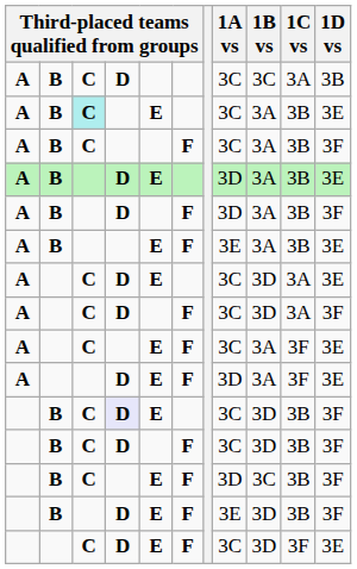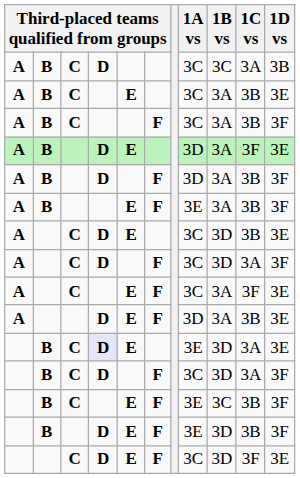 <table class="wikitable" style="text-align:center; font-size:85%">
 <tr>
 <th colspan="6">Third-placed teams<br>qualified from groups</th>
 <th rowspan="16"></th>
 <th>1A<br>vs</th>
 <th>1B<br>vs</th>
 <th>1C<br>vs</th>
 <th>1D<br>vs</th>
 </tr>
 <tr>
 <td><strong>A</strong></td>
 <td><strong>B</strong></td>
 <td><strong>C</strong></td>
 <td><strong>D</strong></td>
 <td></td>
 <td></td>
 <td>3C</td>
 <td>3C</td>
 <td>3A</td>
 <td>3B</td>
 </tr>
 <tr>
 <td><strong>A</strong></td>
 <td><strong>B</strong></td>
-<td style="background: paleturquoise;"><strong>C</strong></td>
+<td><strong>C</strong></td>
 <td></td>
 <td><strong>E</strong></td>
 <td></td>
 <td>3C</td>
 <td>3A</td>
 <td>3B</td>
 <td>3E</td>
 </tr>
 <tr>
 <td><strong>A</strong></td>
 <td><strong>B</strong></td>
 <td><strong>C</strong></td>
 <td></td>
 <td></td>
 <td><strong>F</strong></td>
 <td>3C</td>
 <td>3A</td>
 <td>3B</td>
 <td>3F</td>
 </tr>
 <tr bgcolor=#BBF3BB>
 <td><strong>A</strong></td>
 <td><strong>B</strong></td>
 <td></td>
 <td><strong>D</strong></td>
 <td><strong>E</strong></td>
 <td></td>
 <td>3D</td>
 <td>3A</td>
-<td>3B</td>
+<td>3F</td>
 <td>3E</td>
 </tr>
 <tr>
 <td><strong>A</strong></td>
 <td><strong>B</strong></td>
 <td></td>
 <td><strong>D</strong></td>
 <td></td>
 <td><strong>F</strong></td>
 <td>3D</td>
 <td>3A</td>
 <td>3B</td>
 <td>3F</td>
 </tr>
 <tr>
 <td><strong>A</strong></td>
 <td><strong>B</strong></td>
 <td></td>
 <td></td>
 <td><strong>E</strong></td>
 <td><strong>F</strong></td>
 <td>3E</td>
 <td>3A</td>
 <td>3B</td>
-<td>3E</td>
+<td>3F</td>
 </tr>
 <tr>
 <td><strong>A</strong></td>
 <td></td>
 <td><strong>C</strong></td>
 <td><strong>D</strong></td>
 <td><strong>E</strong></td>
 <td></td>
 <td>3C</td>
 <td>3D</td>
-<td>3A</td>
+<td>3B</td>
 <td>3E</td>
 </tr>
 <tr>
 <td><strong>A</strong></td>
 <td></td>
 <td><strong>C</strong></td>
 <td><strong>D</strong></td>
 <td></td>
 <td><strong>F</strong></td>
 <td>3C</td>
 <td>3D</td>
 <td>3A</td>
 <td>3F</td>
 </tr>
 <tr>
 <td><strong>A</strong></td>
 <td></td>
 <td><strong>C</strong></td>
 <td></td>
 <td><strong>E</strong></td>
 <td><strong>F</strong></td>
 <td>3C</td>
 <td>3A</td>
 <td>3F</td>
 <td>3E</td>
 </tr>
 <tr>
 <td><strong>A</strong></td>
 <td></td>
 <td></td>
 <td><strong>D</strong></td>
 <td><strong>E</strong></td>
 <td><strong>F</strong></td>
 <td>3D</td>
 <td>3A</td>
-<td>3F</td>
+<td>3B</td>
 <td>3E</td>
 </tr>
 <tr>
 <td></td>
 <td><strong>B</strong></td>
 <td><strong>C</strong></td>
 <td style="background: lavender;"><strong>D</strong></td>
 <td><strong>E</strong></td>
 <td></td>
-<td>3C</td>
+<td>3E</td>
 <td>3D</td>
-<td>3B</td>
-<td>3F</td>
+<td>3A</td>
+<td>3E</td>
 </tr>
 <tr>
 <td></td>
 <td><strong>B</strong></td>
 <td><strong>C</strong></td>
 <td><strong>D</strong></td>
 <td></td>
 <td><strong>F</strong></td>
 <td>3C</td>
 <td>3D</td>
-<td>3B</td>
+<td>3A</td>
 <td>3F</td>
 </tr>
 <tr>
 <td></td>
 <td><strong>B</strong></td>
 <td><strong>C</strong></td>
 <td></td>
 <td><strong>E</strong></td>
 <td><strong>F</strong></td>
-<td>3D</td>
+<td>3E</td>
 <td>3C</td>
 <td>3B</td>
 <td>3F</td>
 </tr>
 <tr>
 <td></td>
 <td><strong>B</strong></td>
 <td></td>
 <td><strong>D</strong></td>
 <td><strong>E</strong></td>
 <td><strong>F</strong></td>
 <td>3E</td>
 <td>3D</td>
 <td>3B</td>
 <td>3F</td>
 </tr>
 <tr>
 <td></td>
 <td></td>
 <td><strong>C</strong></td>
 <td><strong>D</strong></td>
 <td><strong>E</strong></td>
 <td><strong>F</strong></td>
 <td>3C</td>
 <td>3D</td>
 <td>3F</td>
 <td>3E</td>
 </tr>
 </table>
